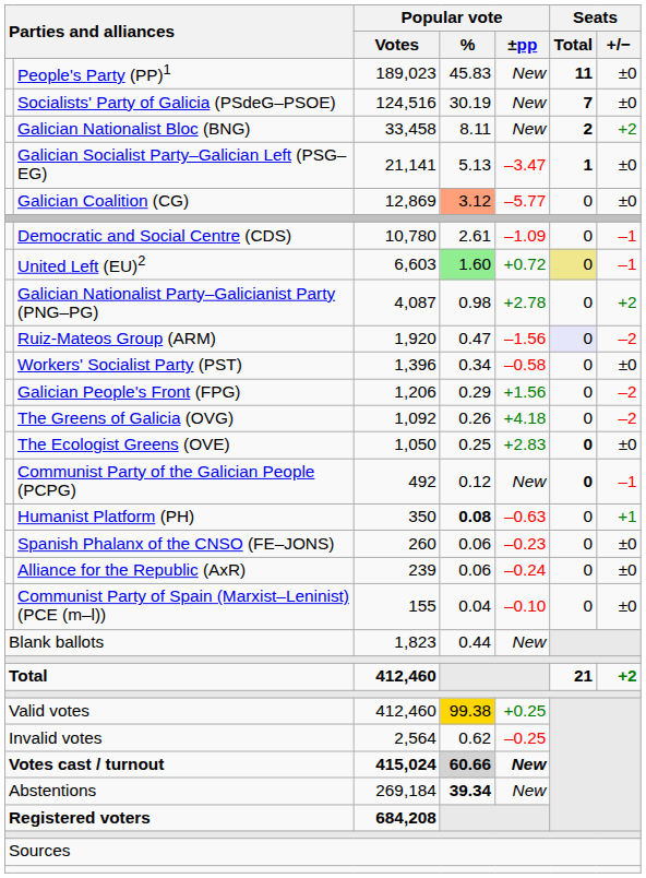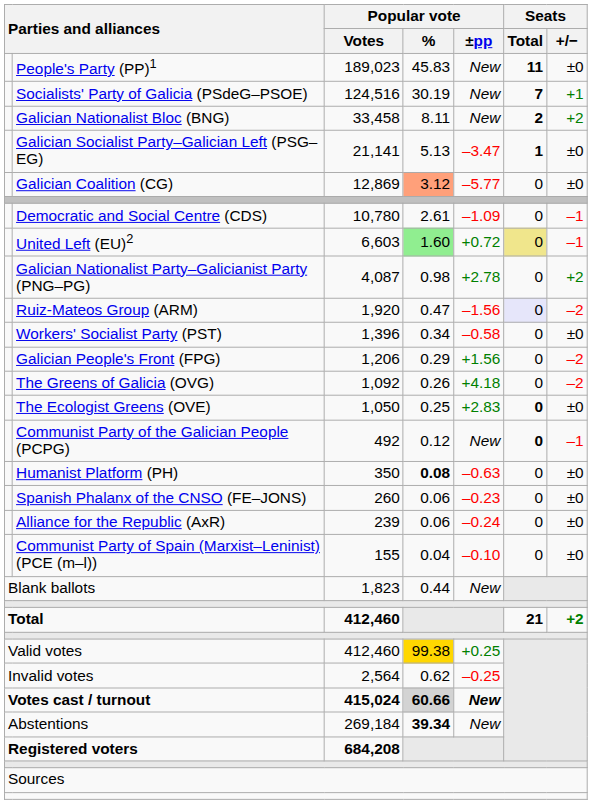 <table class="wikitable" style="text-align:right;">
 <tr>
 <th style="text-align:left;" rowspan="2" colspan="2" width="525">Parties and alliances</th>
 <th colspan="3">Popular vote</th>
 <th colspan="2">Seats</th>
 </tr>
 <tr>
 <th width="75">Votes</th>
 <th width="45">%</th>
 <th width="45">±<a href='#'>pp</a></th>
 <th width="35">Total</th>
 <th width="35">+/−</th>
 </tr>
 <tr>
 <td width="1" style="color:inherit;background:"></td>
 <td align="left"><a href='#'>People's Party</a> (PP)<sup>1</sup></td>
 <td>189,023</td>
 <td>45.83</td>
 <td><em>New</em></td>
 <td><strong>11</strong></td>
 <td>±0</td>
 </tr>
 <tr>
 <td style="color:inherit;background:"></td>
 <td align="left"><a href='#'>Socialists' Party of Galicia</a> (PSdeG–PSOE)</td>
 <td>124,516</td>
 <td>30.19</td>
 <td><em>New</em></td>
 <td><strong>7</strong></td>
-<td>±0</td>
+<td style="color:green;">+1</td>
 </tr>
 <tr>
 <td style="color:inherit;background:"></td>
 <td align="left"><a href='#'>Galician Nationalist Bloc</a> (BNG)</td>
 <td>33,458</td>
 <td>8.11</td>
 <td><em>New</em></td>
 <td><strong>2</strong></td>
 <td style="color:green;">+2</td>
 </tr>
 <tr>
 <td style="color:inherit;background:"></td>
 <td align="left"><a href='#'>Galician Socialist Party–Galician Left</a> (PSG–EG)</td>
 <td>21,141</td>
 <td>5.13</td>
 <td style="color:red;">–3.47</td>
 <td><strong>1</strong></td>
 <td>±0</td>
 </tr>
 <tr>
 <td style="color:inherit;background:"></td>
 <td align="left"><a href='#'>Galician Coalition</a> (CG)</td>
 <td>12,869</td>
 <td style="background: lightsalmon;">3.12</td>
 <td style="color:red;">–5.77</td>
 <td>0</td>
 <td>±0</td>
 </tr>
 <tr>
 <td colspan="7" bgcolor="#C0C0C0"></td>
 </tr>
 <tr>
 <td style="color:inherit;background:"></td>
 <td align="left"><a href='#'>Democratic and Social Centre</a> (CDS)</td>
 <td>10,780</td>
 <td>2.61</td>
 <td style="color:red;">–1.09</td>
 <td>0</td>
 <td style="color:red;">–1</td>
 </tr>
 <tr>
 <td style="color:inherit;background:"></td>
 <td align="left"><a href='#'>United Left</a> (EU)<sup>2</sup></td>
 <td>6,603</td>
 <td style="background: lightgreen;">1.60</td>
 <td style="color:green;">+0.72</td>
 <td style="background: khaki;">0</td>
 <td style="color:red;">–1</td>
 </tr>
 <tr>
 <td style="color:inherit;background:"></td>
 <td align="left"><a href='#'>Galician Nationalist Party–Galicianist Party</a> (PNG–PG)</td>
 <td>4,087</td>
 <td>0.98</td>
 <td style="color:green;">+2.78</td>
 <td>0</td>
 <td style="color:green;">+2</td>
 </tr>
 <tr>
 <td style="color:inherit;background:"></td>
 <td align="left"><a href='#'>Ruiz-Mateos Group</a> (ARM)</td>
 <td>1,920</td>
 <td>0.47</td>
 <td style="color:red;">–1.56</td>
 <td style="background: lavender;">0</td>
 <td style="color:red;">–2</td>
 </tr>
 <tr>
 <td style="color:inherit;background:"></td>
 <td align="left"><a href='#'>Workers' Socialist Party</a> (PST)</td>
 <td>1,396</td>
 <td>0.34</td>
 <td style="color:red;">–0.58</td>
 <td>0</td>
 <td>±0</td>
 </tr>
 <tr>
 <td style="color:inherit;background:"></td>
 <td align="left"><a href='#'>Galician People's Front</a> (FPG)</td>
 <td>1,206</td>
 <td>0.29</td>
 <td style="color:green;">+1.56</td>
 <td>0</td>
 <td style="color:red;">–2</td>
 </tr>
 <tr>
 <td style="color:inherit;background:"></td>
 <td align="left"><a href='#'>The Greens of Galicia</a> (OVG)</td>
 <td>1,092</td>
 <td>0.26</td>
 <td style="color:green;">+4.18</td>
 <td>0</td>
 <td style="color:red;">–2</td>
 </tr>
 <tr>
 <td style="color:inherit;background:"></td>
 <td align="left"><a href='#'>The Ecologist Greens</a> (OVE)</td>
 <td>1,050</td>
 <td>0.25</td>
 <td style="color:green;">+2.83</td>
 <td><strong>0</strong></td>
 <td>±0</td>
 </tr>
 <tr>
 <td style="color:inherit;background:"></td>
 <td align="left"><a href='#'>Communist Party of the Galician People</a> (PCPG)</td>
 <td>492</td>
 <td>0.12</td>
 <td><em>New</em></td>
 <td><strong>0</strong></td>
 <td style="color:red;">–1</td>
 </tr>
 <tr>
 <td style="color:inherit;background:"></td>
 <td align="left"><a href='#'>Humanist Platform</a> (PH)</td>
 <td>350</td>
 <td><strong>0.08</strong></td>
 <td style="color:red;">–0.63</td>
 <td>0</td>
-<td style="color:green;">+1</td>
+<td>±0</td>
 </tr>
 <tr>
 <td style="color:inherit;background:"></td>
 <td align="left"><a href='#'>Spanish Phalanx of the CNSO</a> (FE–JONS)</td>
 <td>260</td>
 <td>0.06</td>
 <td style="color:red;">–0.23</td>
 <td>0</td>
 <td>±0</td>
 </tr>
 <tr>
 <td style="color:inherit;background:"></td>
 <td align="left"><a href='#'>Alliance for the Republic</a> (AxR)</td>
 <td>239</td>
 <td>0.06</td>
 <td style="color:red;">–0.24</td>
 <td>0</td>
 <td>±0</td>
 </tr>
 <tr>
 <td style="color:inherit;background:"></td>
 <td align="left"><a href='#'>Communist Party of Spain (Marxist–Leninist)</a> (PCE (m–l))</td>
 <td>155</td>
 <td>0.04</td>
 <td style="color:red;">–0.10</td>
 <td>0</td>
 <td>±0</td>
 </tr>
 <tr>
 <td align="left" colspan="2">Blank ballots</td>
 <td>1,823</td>
 <td>0.44</td>
 <td><em>New</em></td>
 <td bgcolor="#E9E9E9" colspan="2"></td>
 </tr>
 <tr>
 <td colspan="7" bgcolor="#E9E9E9"></td>
 </tr>
 <tr style="font-weight:bold;">
 <td align="left" colspan="2">Total</td>
 <td>412,460</td>
 <td bgcolor="#E9E9E9" colspan="2"></td>
 <td>21</td>
 <td style="color:green;">+2</td>
 </tr>
 <tr>
 <td colspan="7" bgcolor="#E9E9E9"></td>
 </tr>
 <tr>
 <td align="left" colspan="2">Valid votes</td>
 <td>412,460</td>
 <td style="background: gold;">99.38</td>
 <td style="color:green;">+0.25</td>
 <td bgcolor="#E9E9E9" colspan="7" rowspan="5"></td>
 </tr>
 <tr>
 <td align="left" colspan="2">Invalid votes</td>
 <td>2,564</td>
 <td>0.62</td>
 <td style="color:red;">–0.25</td>
 </tr>
 <tr style="font-weight:bold;">
 <td align="left" colspan="2">Votes cast / turnout</td>
 <td>415,024</td>
 <td style="background: lightgrey;">60.66</td>
 <td><em>New</em></td>
 </tr>
 <tr>
 <td align="left" colspan="2">Abstentions</td>
 <td>269,184</td>
 <td><strong>39.34</strong></td>
 <td><em>New</em></td>
 </tr>
 <tr style="font-weight:bold;">
 <td align="left" colspan="2">Registered voters</td>
 <td>684,208</td>
 <td bgcolor="#E9E9E9" colspan="2"></td>
 </tr>
 <tr>
 <td colspan="7" bgcolor="#E9E9E9"></td>
 </tr>
 <tr>
 <td align="left" colspan="7">Sources</td>
 </tr>
 <tr>
 <td colspan="7" style="text-align:left; max-width:790px;"></td>
 </tr>
 </table>
